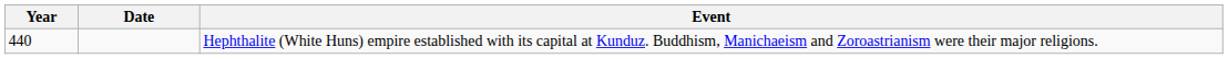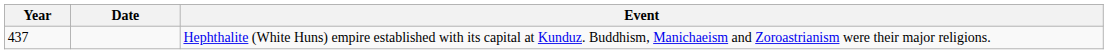 <table class="wikitable" width="100%">
 <tr>
 <th style="width:6%">Year</th>
 <th style="width:10%">Date</th>
 <th>Event</th>
 </tr>
 <tr>
-<td>440</td>
+<td>437</td>
 <td></td>
 <td><a href='#'>Hephthalite</a> (White Huns) empire established with its capital at <a href='#'>Kunduz</a>. Buddhism, <a href='#'>Manichaeism</a> and <a href='#'>Zoroastrianism</a> were their major religions.</td>
 </tr>
 </table>
